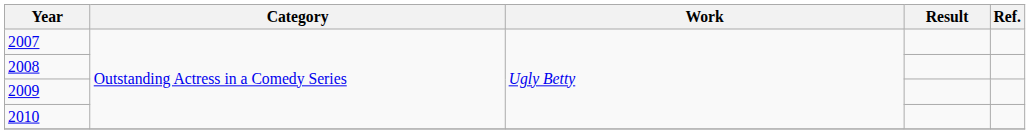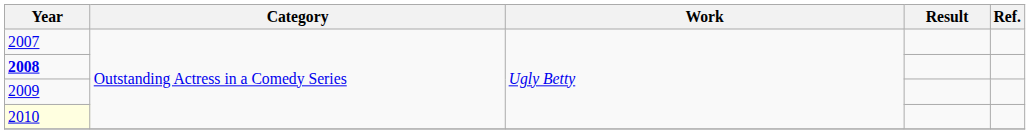 <table class=wikitable>
 <tr>
 <th scope="col" style="width:5em;">Year</th>
 <th scope="col" style="width:26em;">Category</th>
 <th scope="col" style="width:25em;">Work</th>
 <th scope="col" style="width:5em;">Result</th>
 <th>Ref.</th>
 </tr>
 <tr>
 <td><a href='#'>2007</a></td>
 <td rowspan="4"><a href='#'>Outstanding Actress in a Comedy Series</a></td>
 <td rowspan="4"><em><a href='#'>Ugly Betty</a></em></td>
 <td></td>
 <td></td>
 </tr>
 <tr>
-<td><a href='#'>2008</a></td>
+<td><strong><a href='#'>2008</a></strong></td>
 <td></td>
 <td></td>
 </tr>
 <tr>
 <td><a href='#'>2009</a></td>
 <td></td>
 <td></td>
 </tr>
 <tr>
-<td><a href='#'>2010</a></td>
+<td style="background: lightyellow;"><a href='#'>2010</a></td>
 <td></td>
 <td></td>
 </tr>
 <tr>
 </tr>
 </table>
